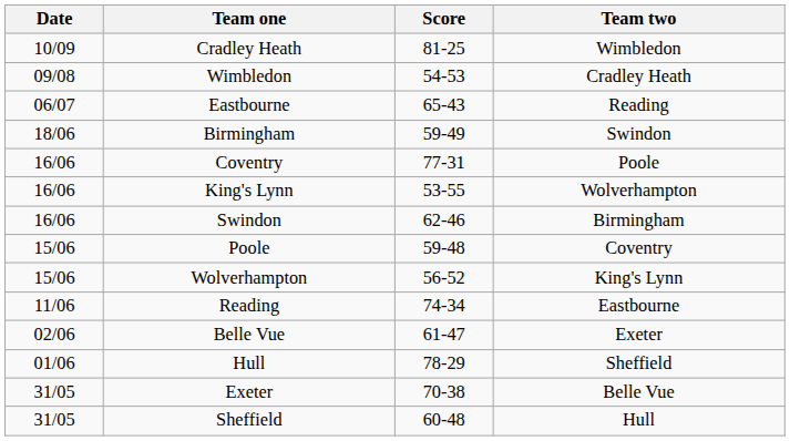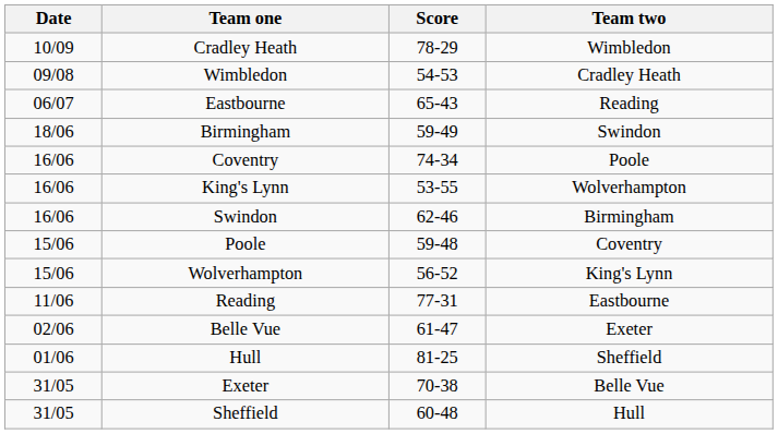 <table class="wikitable" style="text-align: center">
 <tr>
 <th width=80>Date</th>
 <th width=250>Team one</th>
 <th width=80>Score</th>
 <th width=250>Team two</th>
 </tr>
 <tr>
 <td>10/09</td>
 <td>Cradley Heath</td>
-<td>81-25</td>
+<td>78-29</td>
 <td>Wimbledon</td>
 </tr>
 <tr>
 <td>09/08</td>
 <td>Wimbledon</td>
 <td>54-53</td>
 <td>Cradley Heath</td>
 </tr>
 <tr>
 <td>06/07</td>
 <td>Eastbourne</td>
 <td>65-43</td>
 <td>Reading</td>
 </tr>
 <tr>
 <td>18/06</td>
 <td>Birmingham</td>
 <td>59-49</td>
 <td>Swindon</td>
 </tr>
 <tr>
 <td>16/06</td>
 <td>Coventry</td>
-<td>77-31</td>
+<td>74-34</td>
 <td>Poole</td>
 </tr>
 <tr>
 <td>16/06</td>
 <td>King's Lynn</td>
 <td>53-55</td>
 <td>Wolverhampton</td>
 </tr>
 <tr>
 <td>16/06</td>
 <td>Swindon</td>
 <td>62-46</td>
 <td>Birmingham</td>
 </tr>
 <tr>
 <td>15/06</td>
 <td>Poole</td>
 <td>59-48</td>
 <td>Coventry</td>
 </tr>
 <tr>
 <td>15/06</td>
 <td>Wolverhampton</td>
 <td>56-52</td>
 <td>King's Lynn</td>
 </tr>
 <tr>
 <td>11/06</td>
 <td>Reading</td>
-<td>74-34</td>
+<td>77-31</td>
 <td>Eastbourne</td>
 </tr>
 <tr>
 <td>02/06</td>
 <td>Belle Vue</td>
 <td>61-47</td>
 <td>Exeter</td>
 </tr>
 <tr>
 <td>01/06</td>
 <td>Hull</td>
-<td>78-29</td>
+<td>81-25</td>
 <td>Sheffield</td>
 </tr>
 <tr>
 <td>31/05</td>
 <td>Exeter</td>
 <td>70-38</td>
 <td>Belle Vue</td>
 </tr>
 <tr>
 <td>31/05</td>
 <td>Sheffield</td>
 <td>60-48</td>
 <td>Hull</td>
 </tr>
 </table>
